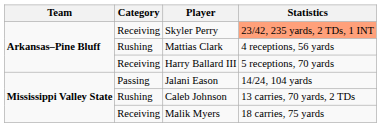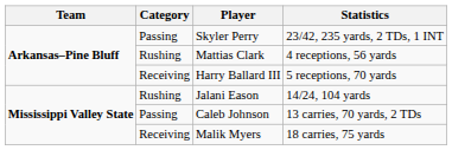 <table class="wikitable" style="float: left;">
 <tr>
 <th>Team</th>
 <th>Category</th>
 <th>Player</th>
 <th>Statistics</th>
 </tr>
 <tr>
 <td rowspan=3><strong>Arkansas–Pine Bluff</strong></td>
-<td>Receiving</td>
+<td>Passing</td>
 <td>Skyler Perry</td>
-<td style="background: lightsalmon;">23/42, 235 yards, 2 TDs, 1 INT</td>
+<td>23/42, 235 yards, 2 TDs, 1 INT</td>
 </tr>
 <tr>
 <td>Rushing</td>
 <td>Mattias Clark</td>
 <td>4 receptions, 56 yards</td>
 </tr>
 <tr>
 <td>Receiving</td>
 <td>Harry Ballard III</td>
 <td>5 receptions, 70 yards</td>
 </tr>
 <tr>
 <td rowspan=3><strong>Mississippi Valley State</strong></td>
-<td>Passing</td>
+<td>Rushing</td>
 <td>Jalani Eason</td>
 <td>14/24, 104 yards</td>
 </tr>
 <tr>
-<td>Rushing</td>
+<td>Passing</td>
 <td>Caleb Johnson</td>
 <td>13 carries, 70 yards, 2 TDs</td>
 </tr>
 <tr>
 <td>Receiving</td>
 <td>Malik Myers</td>
 <td>18 carries, 75 yards</td>
 </tr>
 </table>
